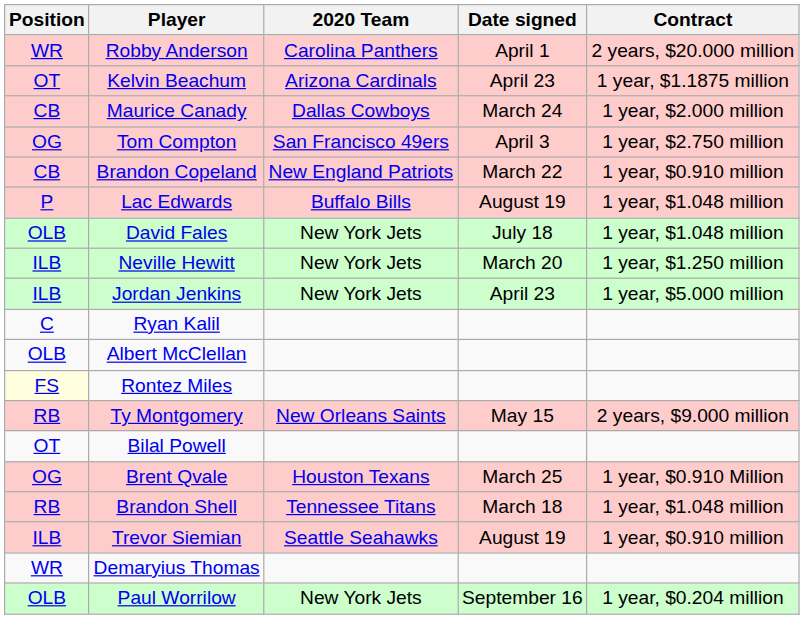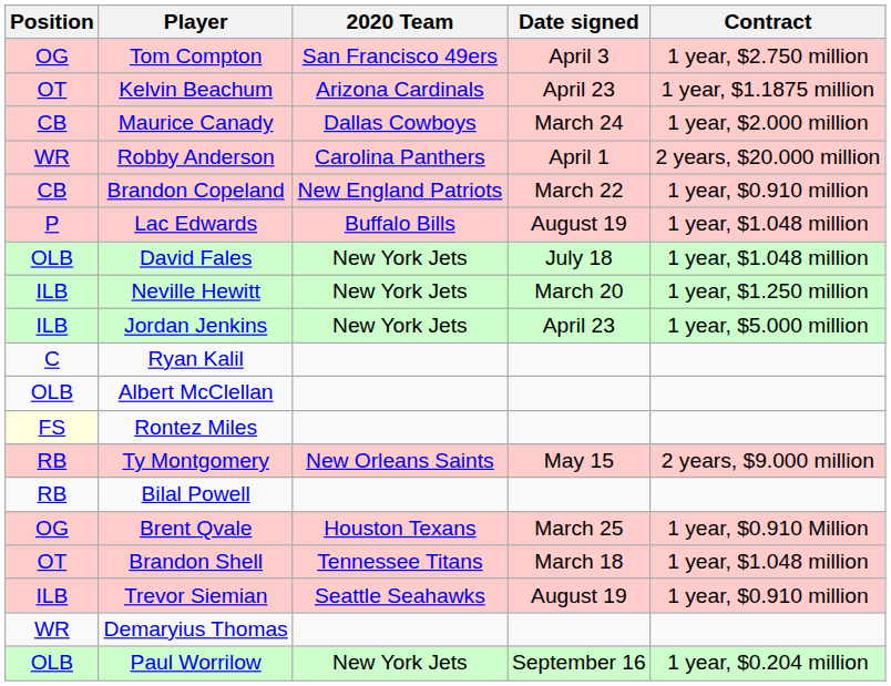 <table class="wikitable sortable" style="text-align:center">
 <tr>
 <th>Position</th>
 <th>Player</th>
 <th>2020 Team</th>
 <th>Date signed</th>
 <th>Contract</th>
 </tr>
 <tr style="background:#fcc;">
-<td><a href='#'>WR</a></td>
-<td><a href='#'>Robby Anderson</a></td>
-<td><a href='#'>Carolina Panthers</a></td>
-<td>April 1</td>
-<td>2 years, $20.000 million</td>
+<td><a href='#'>OG</a></td>
+<td><a href='#'>Tom Compton</a></td>
+<td><a href='#'>San Francisco 49ers</a></td>
+<td>April 3</td>
+<td>1 year, $2.750 million</td>
 </tr>
 <tr style="background:#fcc;">
 <td><a href='#'>OT</a></td>
 <td><a href='#'>Kelvin Beachum</a></td>
 <td><a href='#'>Arizona Cardinals</a></td>
 <td>April 23</td>
 <td>1 year, $1.1875 million</td>
 </tr>
 <tr style="background:#fcc;">
 <td><a href='#'>CB</a></td>
 <td><a href='#'>Maurice Canady</a></td>
 <td><a href='#'>Dallas Cowboys</a></td>
 <td>March 24</td>
 <td>1 year, $2.000 million</td>
 </tr>
 <tr style="background:#fcc;">
-<td><a href='#'>OG</a></td>
-<td><a href='#'>Tom Compton</a></td>
-<td><a href='#'>San Francisco 49ers</a></td>
-<td>April 3</td>
-<td>1 year, $2.750 million</td>
+<td><a href='#'>WR</a></td>
+<td><a href='#'>Robby Anderson</a></td>
+<td><a href='#'>Carolina Panthers</a></td>
+<td>April 1</td>
+<td>2 years, $20.000 million</td>
 </tr>
 <tr style="background:#fcc;">
 <td><a href='#'>CB</a></td>
 <td><a href='#'>Brandon Copeland</a></td>
 <td><a href='#'>New England Patriots</a></td>
 <td>March 22</td>
 <td>1 year, $0.910 million</td>
 </tr>
 <tr style="background:#fcc;">
 <td><a href='#'>P</a></td>
 <td><a href='#'>Lac Edwards</a></td>
 <td><a href='#'>Buffalo Bills</a></td>
 <td>August 19</td>
 <td>1 year, $1.048 million</td>
 </tr>
 <tr style="background:#cfc;">
 <td><a href='#'>OLB</a></td>
 <td><a href='#'>David Fales</a></td>
 <td>New York Jets</td>
 <td>July 18</td>
 <td>1 year, $1.048 million</td>
 </tr>
 <tr style="background:#cfc;">
 <td><a href='#'>ILB</a></td>
 <td><a href='#'>Neville Hewitt</a></td>
 <td>New York Jets</td>
 <td>March 20</td>
 <td>1 year, $1.250 million</td>
 </tr>
 <tr style="background:#cfc;">
 <td><a href='#'>ILB</a></td>
 <td><a href='#'>Jordan Jenkins</a></td>
 <td>New York Jets</td>
 <td>April 23</td>
 <td>1 year, $5.000 million</td>
 </tr>
 <tr>
 <td><a href='#'>C</a></td>
 <td><a href='#'>Ryan Kalil</a></td>
 <td></td>
 <td></td>
 <td></td>
 </tr>
 <tr>
 <td><a href='#'>OLB</a></td>
 <td><a href='#'>Albert McClellan</a></td>
 <td></td>
 <td></td>
 <td></td>
 </tr>
 <tr>
 <td style="background: lightyellow;"><a href='#'>FS</a></td>
 <td><a href='#'>Rontez Miles</a></td>
 <td></td>
 <td></td>
 <td></td>
 </tr>
 <tr style="background:#fcc;">
 <td><a href='#'>RB</a></td>
 <td><a href='#'>Ty Montgomery</a></td>
 <td><a href='#'>New Orleans Saints</a></td>
 <td>May 15</td>
 <td>2 years, $9.000 million</td>
 </tr>
 <tr>
-<td><a href='#'>OT</a></td>
+<td><a href='#'>RB</a></td>
 <td><a href='#'>Bilal Powell</a></td>
 <td></td>
 <td></td>
 <td></td>
 </tr>
 <tr style="background:#fcc;">
 <td><a href='#'>OG</a></td>
 <td><a href='#'>Brent Qvale</a></td>
 <td><a href='#'>Houston Texans</a></td>
 <td>March 25</td>
 <td>1 year, $0.910 Million</td>
 </tr>
 <tr style="background:#fcc;">
-<td><a href='#'>RB</a></td>
+<td><a href='#'>OT</a></td>
 <td><a href='#'>Brandon Shell</a></td>
 <td><a href='#'>Tennessee Titans</a></td>
 <td>March 18</td>
 <td>1 year, $1.048 million</td>
 </tr>
 <tr style="background:#fcc;">
 <td><a href='#'>ILB</a></td>
 <td><a href='#'>Trevor Siemian</a></td>
 <td><a href='#'>Seattle Seahawks</a></td>
 <td>August 19</td>
 <td>1 year, $0.910 million</td>
 </tr>
 <tr>
 <td><a href='#'>WR</a></td>
 <td><a href='#'>Demaryius Thomas</a></td>
 <td></td>
 <td></td>
 <td></td>
 </tr>
 <tr style="background:#cfc;">
 <td><a href='#'>OLB</a></td>
 <td><a href='#'>Paul Worrilow</a></td>
 <td>New York Jets</td>
 <td>September 16</td>
 <td>1 year, $0.204 million</td>
 </tr>
 </table>
